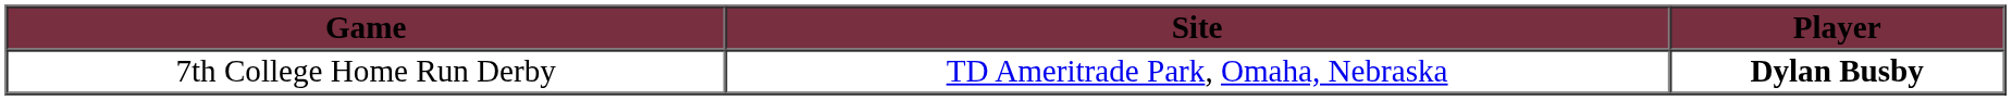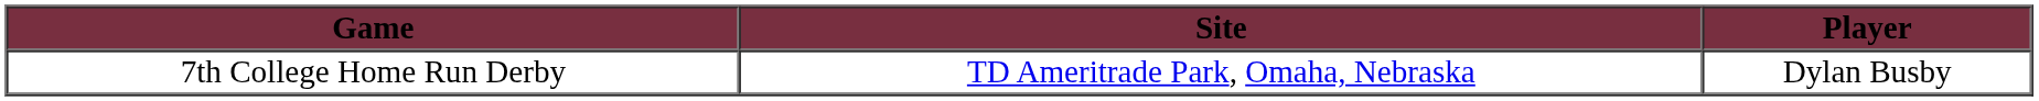 <table cellpadding="1" border="1" cellspacing="0" width="80%">
 <tr>
 <th bgcolor="#782F40"><span>Game</span></th>
 <th bgcolor="#782F40"><span>Site</span></th>
 <th bgcolor="#782F40"><span>Player</span></th>
 </tr>
 <tr align="center">
 <td>7th College Home Run Derby</td>
 <td><a href='#'>TD Ameritrade Park</a>, <a href='#'>Omaha, Nebraska</a></td>
-<td><strong>Dylan Busby</strong></td>
+<td>Dylan Busby</td>
 </tr>
 <tr style="background: #e3e3e3;">
 </tr>
 <tr>
 </tr>
 </table>
